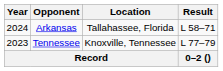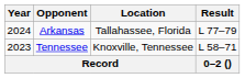 <table class="wikitable" style="text-align:center">
 <tr>
 <th>Year</th>
 <th>Opponent</th>
 <th>Location</th>
 <th>Result</th>
 </tr>
 <tr align="center">
 <td>2024</td>
 <td><a href='#'>Arkansas</a></td>
 <td>Tallahassee, Florida</td>
-<td>L 58–71</td>
+<td>L 77–79</td>
 </tr>
 <tr align="center">
 <td>2023</td>
 <td><a href='#'>Tennessee</a></td>
 <td>Knoxville, Tennessee</td>
-<td>L 77–79</td>
+<td>L 58–71</td>
 </tr>
 <tr style="text-align:center;" class="sortbottom">
 <th colspan="3;">Record</th>
 <th colspan="1;">0–2 ()</th>
 </tr>
 </table>
